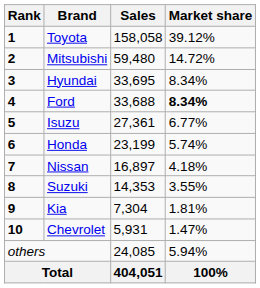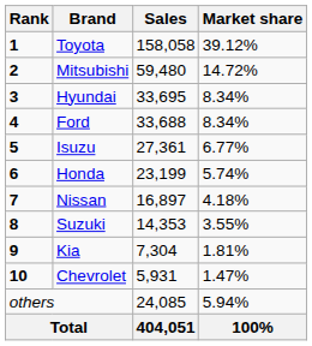 <table class="wikitable" align="left" style="text-align: left; font-size:90%;">
 <tr>
 <th>Rank</th>
 <th>Brand</th>
 <th>Sales</th>
 <th>Market share</th>
 </tr>
 <tr>
 <td><strong>1</strong></td>
 <td><a href='#'>Toyota</a></td>
 <td>158,058</td>
 <td>39.12%</td>
 </tr>
 <tr>
 <td><strong>2</strong></td>
 <td><a href='#'>Mitsubishi</a></td>
 <td>59,480</td>
 <td>14.72%</td>
 </tr>
 <tr>
 <td><strong>3</strong></td>
 <td><a href='#'>Hyundai</a></td>
 <td>33,695</td>
 <td>8.34%</td>
 </tr>
 <tr>
 <td><strong>4</strong></td>
 <td><a href='#'>Ford</a></td>
 <td>33,688</td>
-<td><strong>8.34%</strong></td>
+<td>8.34%</td>
 </tr>
 <tr>
 <td><strong>5</strong></td>
 <td><a href='#'>Isuzu</a></td>
 <td>27,361</td>
 <td>6.77%</td>
 </tr>
 <tr>
 <td><strong>6</strong></td>
 <td><a href='#'>Honda</a></td>
 <td>23,199</td>
 <td>5.74%</td>
 </tr>
 <tr>
 <td><strong>7</strong></td>
 <td><a href='#'>Nissan</a></td>
 <td>16,897</td>
 <td>4.18%</td>
 </tr>
 <tr>
 <td><strong>8</strong></td>
 <td><a href='#'>Suzuki</a></td>
 <td>14,353</td>
 <td>3.55%</td>
 </tr>
 <tr>
 <td><strong>9</strong></td>
 <td><a href='#'>Kia</a></td>
 <td>7,304</td>
 <td>1.81%</td>
 </tr>
 <tr>
 <td><strong>10</strong></td>
 <td><a href='#'>Chevrolet</a></td>
 <td>5,931</td>
 <td>1.47%</td>
 </tr>
 <tr>
 <td colspan="2"><em>others</em></td>
 <td>24,085</td>
 <td>5.94%</td>
 </tr>
 <tr>
 <th colspan="2">Total</th>
 <th>404,051</th>
 <th>100%</th>
 </tr>
 </table>
